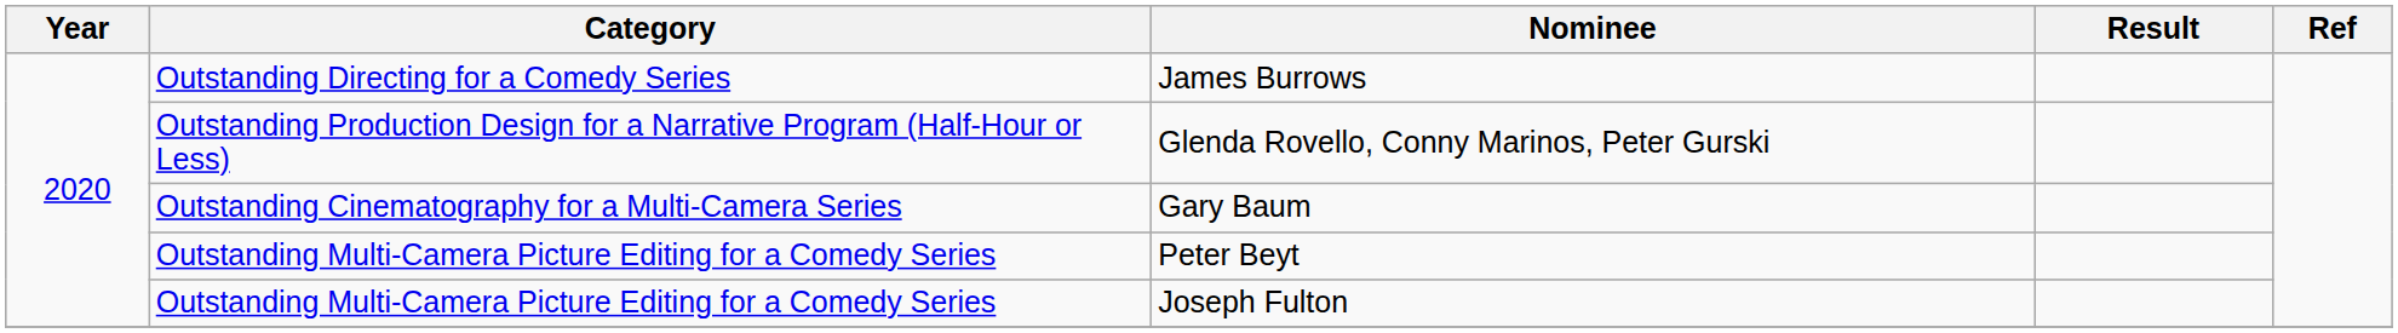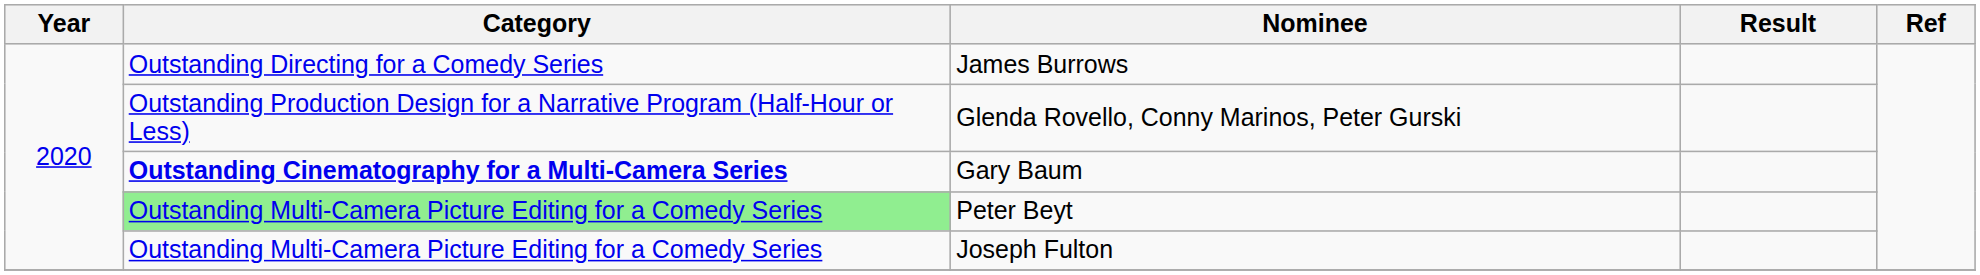 <table class="wikitable" style="width:100%;">
 <tr>
 <th style="width:6%;">Year</th>
 <th style="width:42%;">Category</th>
 <th style="width:37%;">Nominee</th>
 <th style="width:10%;">Result</th>
 <th style="width:5%;">Ref</th>
 </tr>
 <tr>
 <td rowspan="5" style="text-align:center;"><a href='#'>2020</a></td>
 <td><a href='#'>Outstanding Directing for a Comedy Series</a></td>
 <td>James Burrows <br> </td>
 <td></td>
 <td rowspan="5" style="text-align:center;"></td>
 </tr>
 <tr>
 <td><a href='#'>Outstanding Production Design for a Narrative Program (Half-Hour or Less)</a></td>
 <td>Glenda Rovello, Conny Marinos, Peter Gurski <br> </td>
 <td></td>
 </tr>
 <tr>
-<td><a href='#'>Outstanding Cinematography for a Multi-Camera Series</a></td>
+<td><strong><a href='#'>Outstanding Cinematography for a Multi-Camera Series</a></strong></td>
 <td>Gary Baum <br> </td>
 <td></td>
 </tr>
 <tr>
-<td><a href='#'>Outstanding Multi-Camera Picture Editing for a Comedy Series</a></td>
+<td style="background: lightgreen;"><a href='#'>Outstanding Multi-Camera Picture Editing for a Comedy Series</a></td>
 <td>Peter Beyt <br> </td>
 <td></td>
 </tr>
 <tr>
 <td><a href='#'>Outstanding Multi-Camera Picture Editing for a Comedy Series</a></td>
 <td>Joseph Fulton <br> </td>
 <td></td>
 </tr>
 <tr>
 </tr>
 </table>
